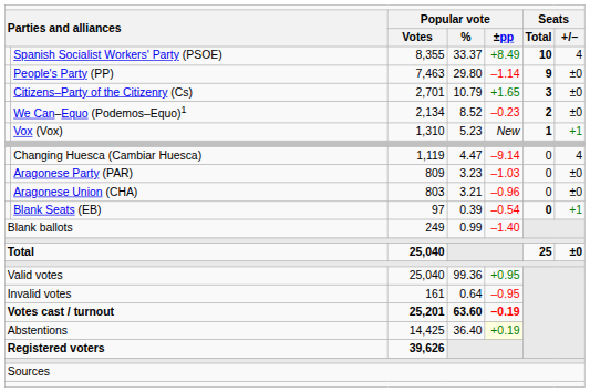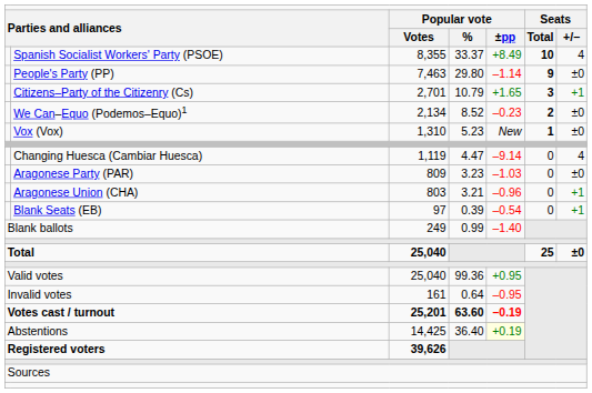 <table class="wikitable" style="text-align:right;">
 <tr>
 <td colspan="7"></td>
 </tr>
 <tr>
 <th style="text-align:left;" rowspan="2" colspan="2" width="525">Parties and alliances</th>
 <th colspan="3">Popular vote</th>
 <th colspan="2">Seats</th>
 </tr>
 <tr>
 <th width="75">Votes</th>
 <th width="45">%</th>
 <th width="45">±<a href='#'>pp</a></th>
 <th width="35">Total</th>
 <th width="35">+/−</th>
 </tr>
 <tr>
 <td width="1" style="color:inherit;background:"></td>
 <td align="left"><a href='#'>Spanish Socialist Workers' Party</a> (PSOE)</td>
 <td>8,355</td>
 <td>33.37</td>
 <td style="color:green;">+8.49</td>
 <td><strong>10</strong></td>
 <td>4</td>
 </tr>
 <tr>
 <td style="color:inherit;background:"></td>
 <td align="left"><a href='#'>People's Party</a> (PP)</td>
 <td>7,463</td>
 <td>29.80</td>
 <td style="color:red;">–1.14</td>
 <td><strong>9</strong></td>
 <td>±0</td>
 </tr>
 <tr>
 <td style="color:inherit;background:"></td>
 <td align="left"><a href='#'>Citizens–Party of the Citizenry</a> (Cs)</td>
 <td>2,701</td>
 <td>10.79</td>
 <td style="color:green;">+1.65</td>
 <td><strong>3</strong></td>
-<td>±0</td>
+<td style="color:green;">+1</td>
 </tr>
 <tr>
 <td style="color:inherit;background:"></td>
 <td align="left"><a href='#'>We Can</a>–<a href='#'>Equo</a> (Podemos–Equo)<sup>1</sup></td>
 <td>2,134</td>
 <td>8.52</td>
 <td style="color:red;">–0.23</td>
 <td><strong>2</strong></td>
 <td>±0</td>
 </tr>
 <tr>
 <td style="color:inherit;background:"></td>
 <td align="left"><a href='#'>Vox</a> (Vox)</td>
 <td>1,310</td>
 <td>5.23</td>
 <td><em>New</em></td>
 <td><strong>1</strong></td>
-<td style="color:green;">+1</td>
+<td>±0</td>
 </tr>
 <tr>
 <td colspan="7" bgcolor="#C0C0C0"></td>
 </tr>
 <tr>
 <td style="color:inherit;background:"></td>
 <td align="left">Changing Huesca (Cambiar Huesca)</td>
 <td>1,119</td>
 <td>4.47</td>
 <td style="color:red;">–9.14</td>
 <td>0</td>
 <td>4</td>
 </tr>
 <tr>
 <td style="color:inherit;background:"></td>
 <td align="left"><a href='#'>Aragonese Party</a> (PAR)</td>
 <td>809</td>
 <td>3.23</td>
 <td style="color:red;">–1.03</td>
 <td>0</td>
 <td>±0</td>
 </tr>
 <tr>
 <td style="color:inherit;background:"></td>
 <td align="left"><a href='#'>Aragonese Union</a> (CHA)</td>
 <td>803</td>
 <td>3.21</td>
 <td style="color:red;">–0.96</td>
 <td>0</td>
-<td>±0</td>
+<td style="color:green;">+1</td>
 </tr>
 <tr>
 <td style="color:inherit;background:"></td>
 <td align="left"><a href='#'>Blank Seats</a> (EB)</td>
 <td>97</td>
 <td>0.39</td>
 <td style="color:red;">–0.54</td>
-<td><strong>0</strong></td>
+<td>0</td>
 <td style="color:green;">+1</td>
 </tr>
 <tr>
 <td align="left" colspan="2">Blank ballots</td>
 <td>249</td>
 <td>0.99</td>
 <td style="color:red;">–1.40</td>
 <td bgcolor="#E9E9E9" colspan="2"></td>
 </tr>
 <tr>
 <td colspan="7" bgcolor="#E9E9E9"></td>
 </tr>
 <tr style="font-weight:bold;">
 <td align="left" colspan="2">Total</td>
 <td>25,040</td>
 <td bgcolor="#E9E9E9" colspan="2"></td>
 <td>25</td>
 <td>±0</td>
 </tr>
 <tr>
 <td colspan="7" bgcolor="#E9E9E9"></td>
 </tr>
 <tr>
 <td align="left" colspan="2">Valid votes</td>
 <td>25,040</td>
 <td>99.36</td>
 <td style="color:green;">+0.95</td>
 <td bgcolor="#E9E9E9" colspan="2" rowspan="5"></td>
 </tr>
 <tr>
 <td align="left" colspan="2">Invalid votes</td>
 <td>161</td>
 <td>0.64</td>
 <td style="color:red;">–0.95</td>
 </tr>
 <tr style="font-weight:bold;">
 <td align="left" colspan="2">Votes cast / turnout</td>
 <td>25,201</td>
 <td>63.60</td>
 <td style="color:red;">–0.19</td>
 </tr>
 <tr>
 <td align="left" colspan="2">Abstentions</td>
 <td>14,425</td>
 <td>36.40</td>
 <td style="background: lightyellow; color:green;">+0.19</td>
 </tr>
 <tr style="font-weight:bold;">
 <td align="left" colspan="2">Registered voters</td>
 <td>39,626</td>
 <td bgcolor="#E9E9E9" colspan="2"></td>
 </tr>
 <tr>
 <td colspan="7" bgcolor="#E9E9E9"></td>
 </tr>
 <tr>
 <td align="left" colspan="7">Sources</td>
 </tr>
 <tr>
 <td colspan="7" style="text-align:left; max-width:790px;"></td>
 </tr>
 </table>
